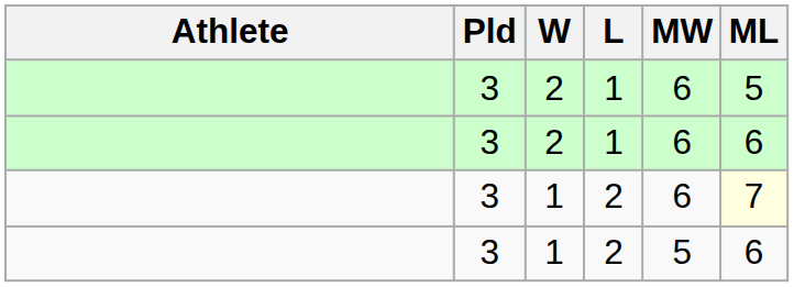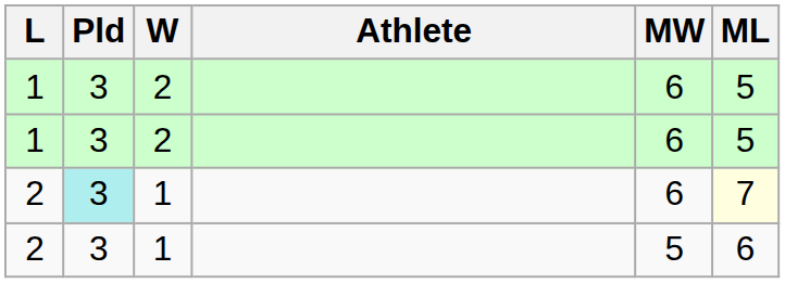 <table class="wikitable" style="text-align:center">
 <tr>
-<th width=200>Athlete</th>
+<th width=20>L</th>
 <th width=20>Pld</th>
 <th width=20>W</th>
-<th width=20>L</th>
+<th width=200>Athlete</th>
 <th width=20>MW</th>
 <th width=20>ML</th>
 </tr>
 <tr bgcolor="ccffcc">
-<td style="text-align:left"></td>
+<td>1</td>
 <td>3</td>
 <td>2</td>
-<td>1</td>
+<td style="text-align:left"></td>
 <td>6</td>
 <td>5</td>
 </tr>
 <tr bgcolor="ccffcc">
-<td style="text-align:left"></td>
+<td>1</td>
 <td>3</td>
 <td>2</td>
-<td>1</td>
+<td style="text-align:left"></td>
 <td>6</td>
-<td>6</td>
+<td>5</td>
 </tr>
 <tr>
+<td>2</td>
+<td style="background: paleturquoise;">3</td>
+<td>1</td>
 <td style="text-align:left"></td>
-<td>3</td>
-<td>1</td>
-<td>2</td>
 <td>6</td>
 <td style="background: lightyellow;">7</td>
 </tr>
 <tr>
-<td style="text-align:left"></td>
+<td>2</td>
 <td>3</td>
 <td>1</td>
-<td>2</td>
+<td style="text-align:left"></td>
 <td>5</td>
 <td>6</td>
 </tr>
 </table>
